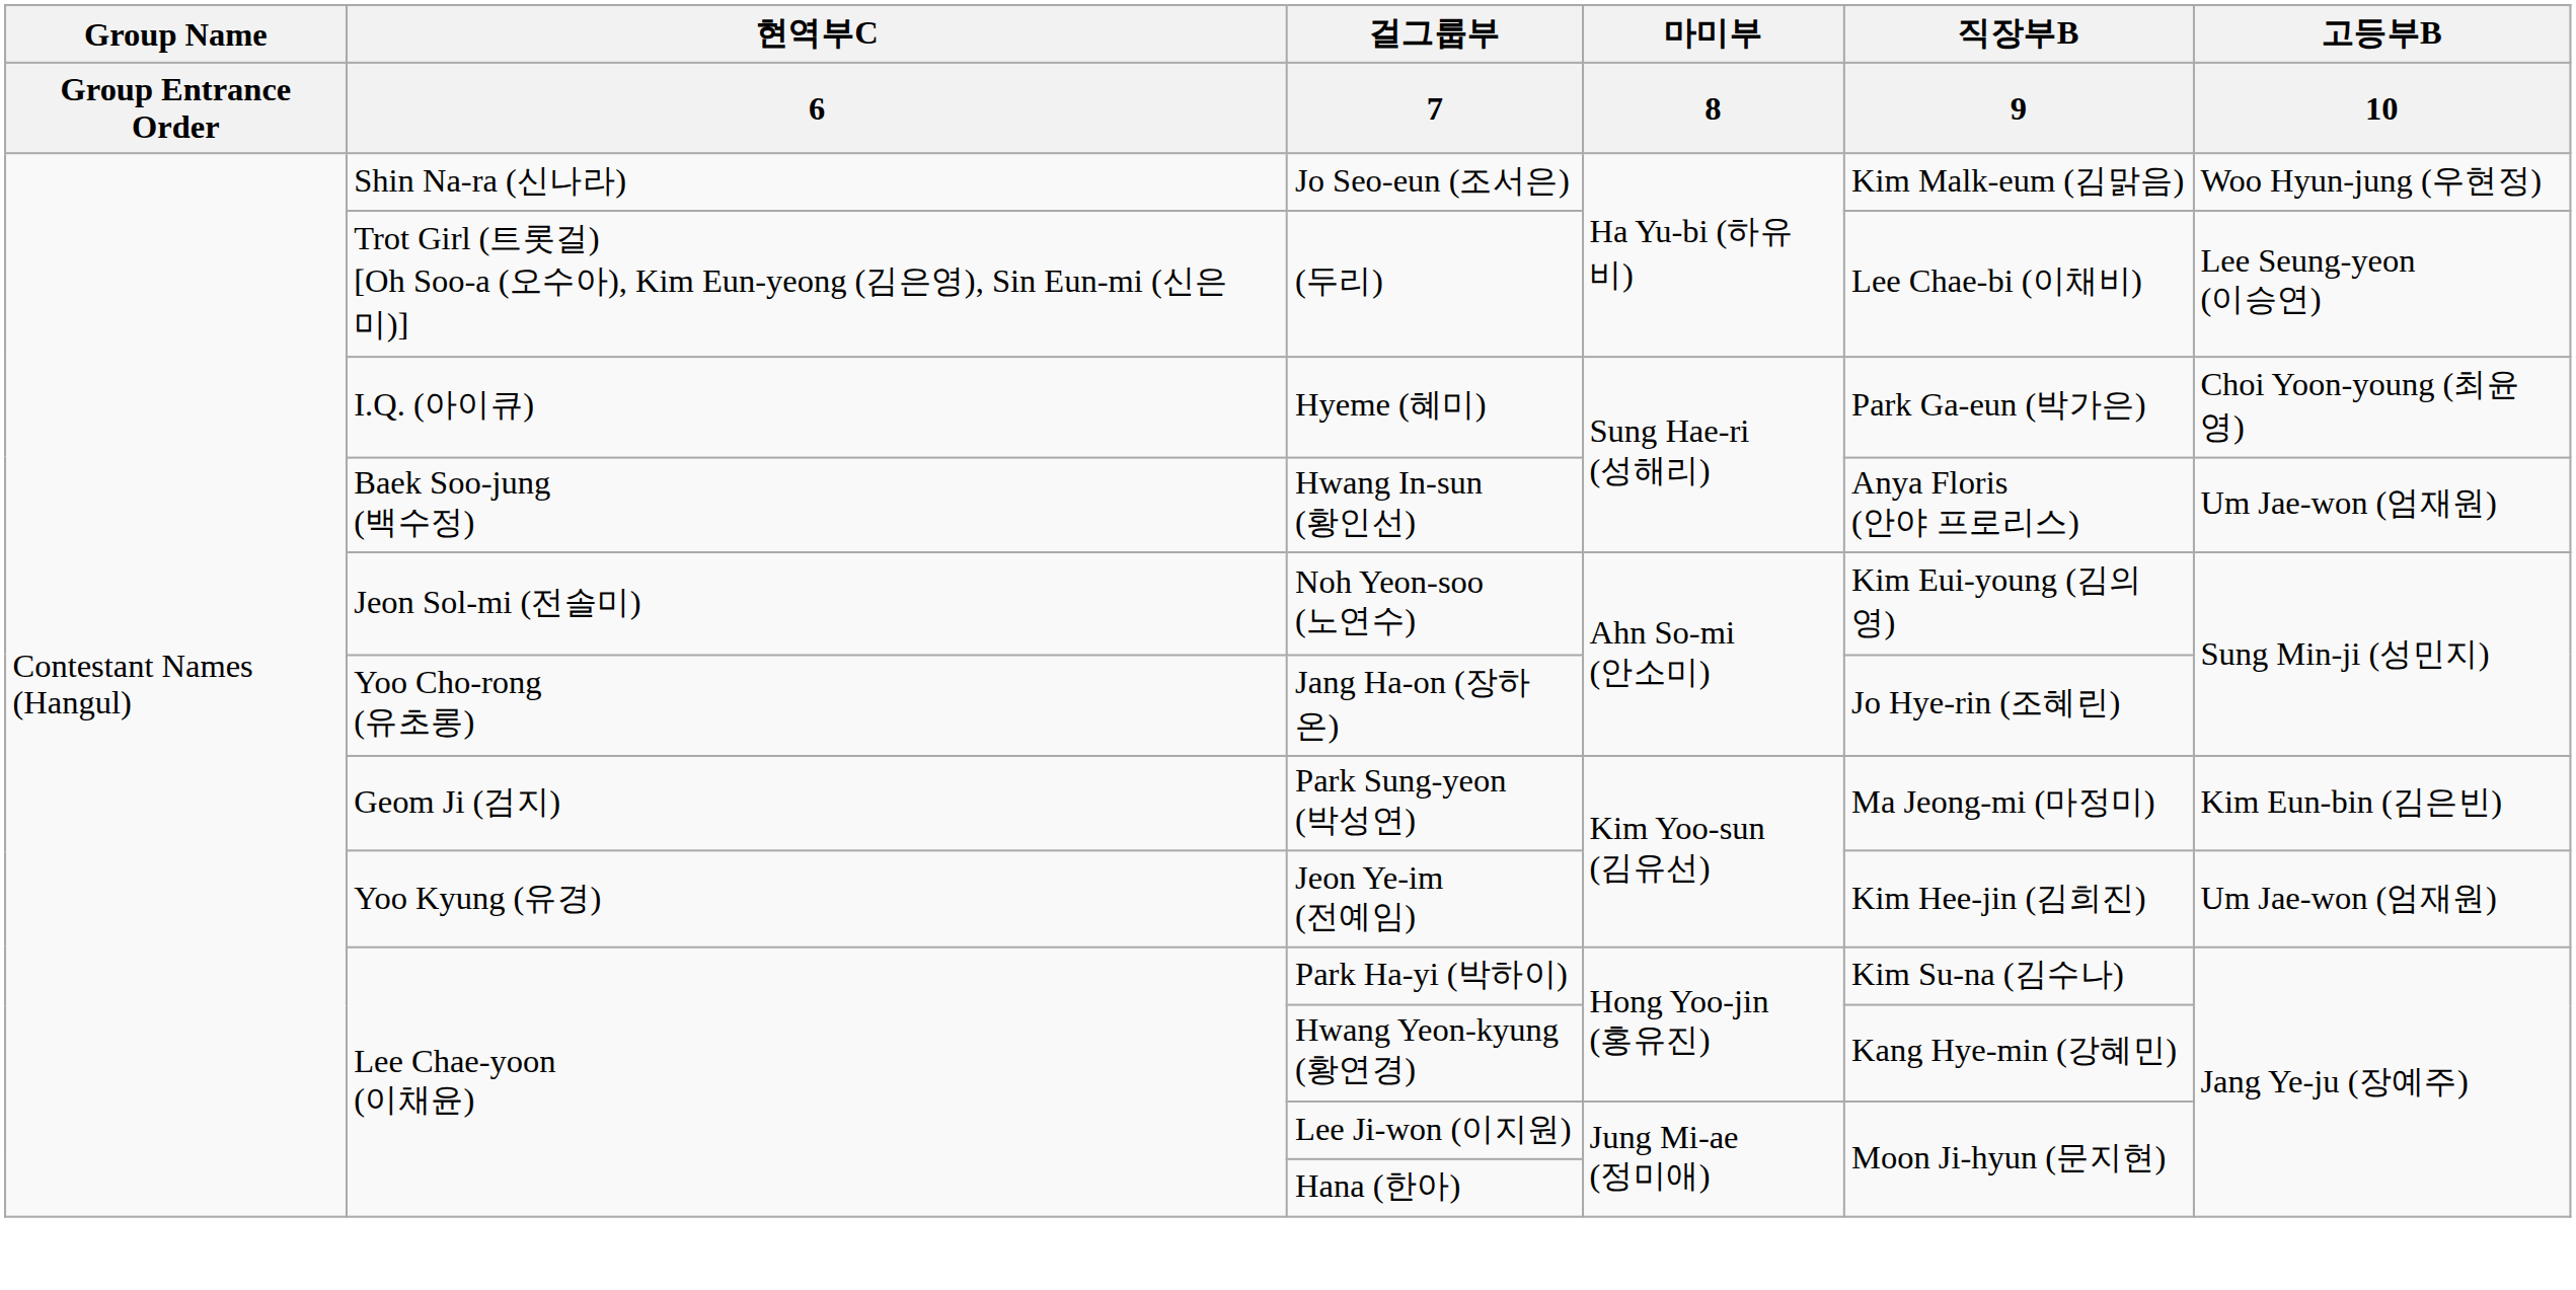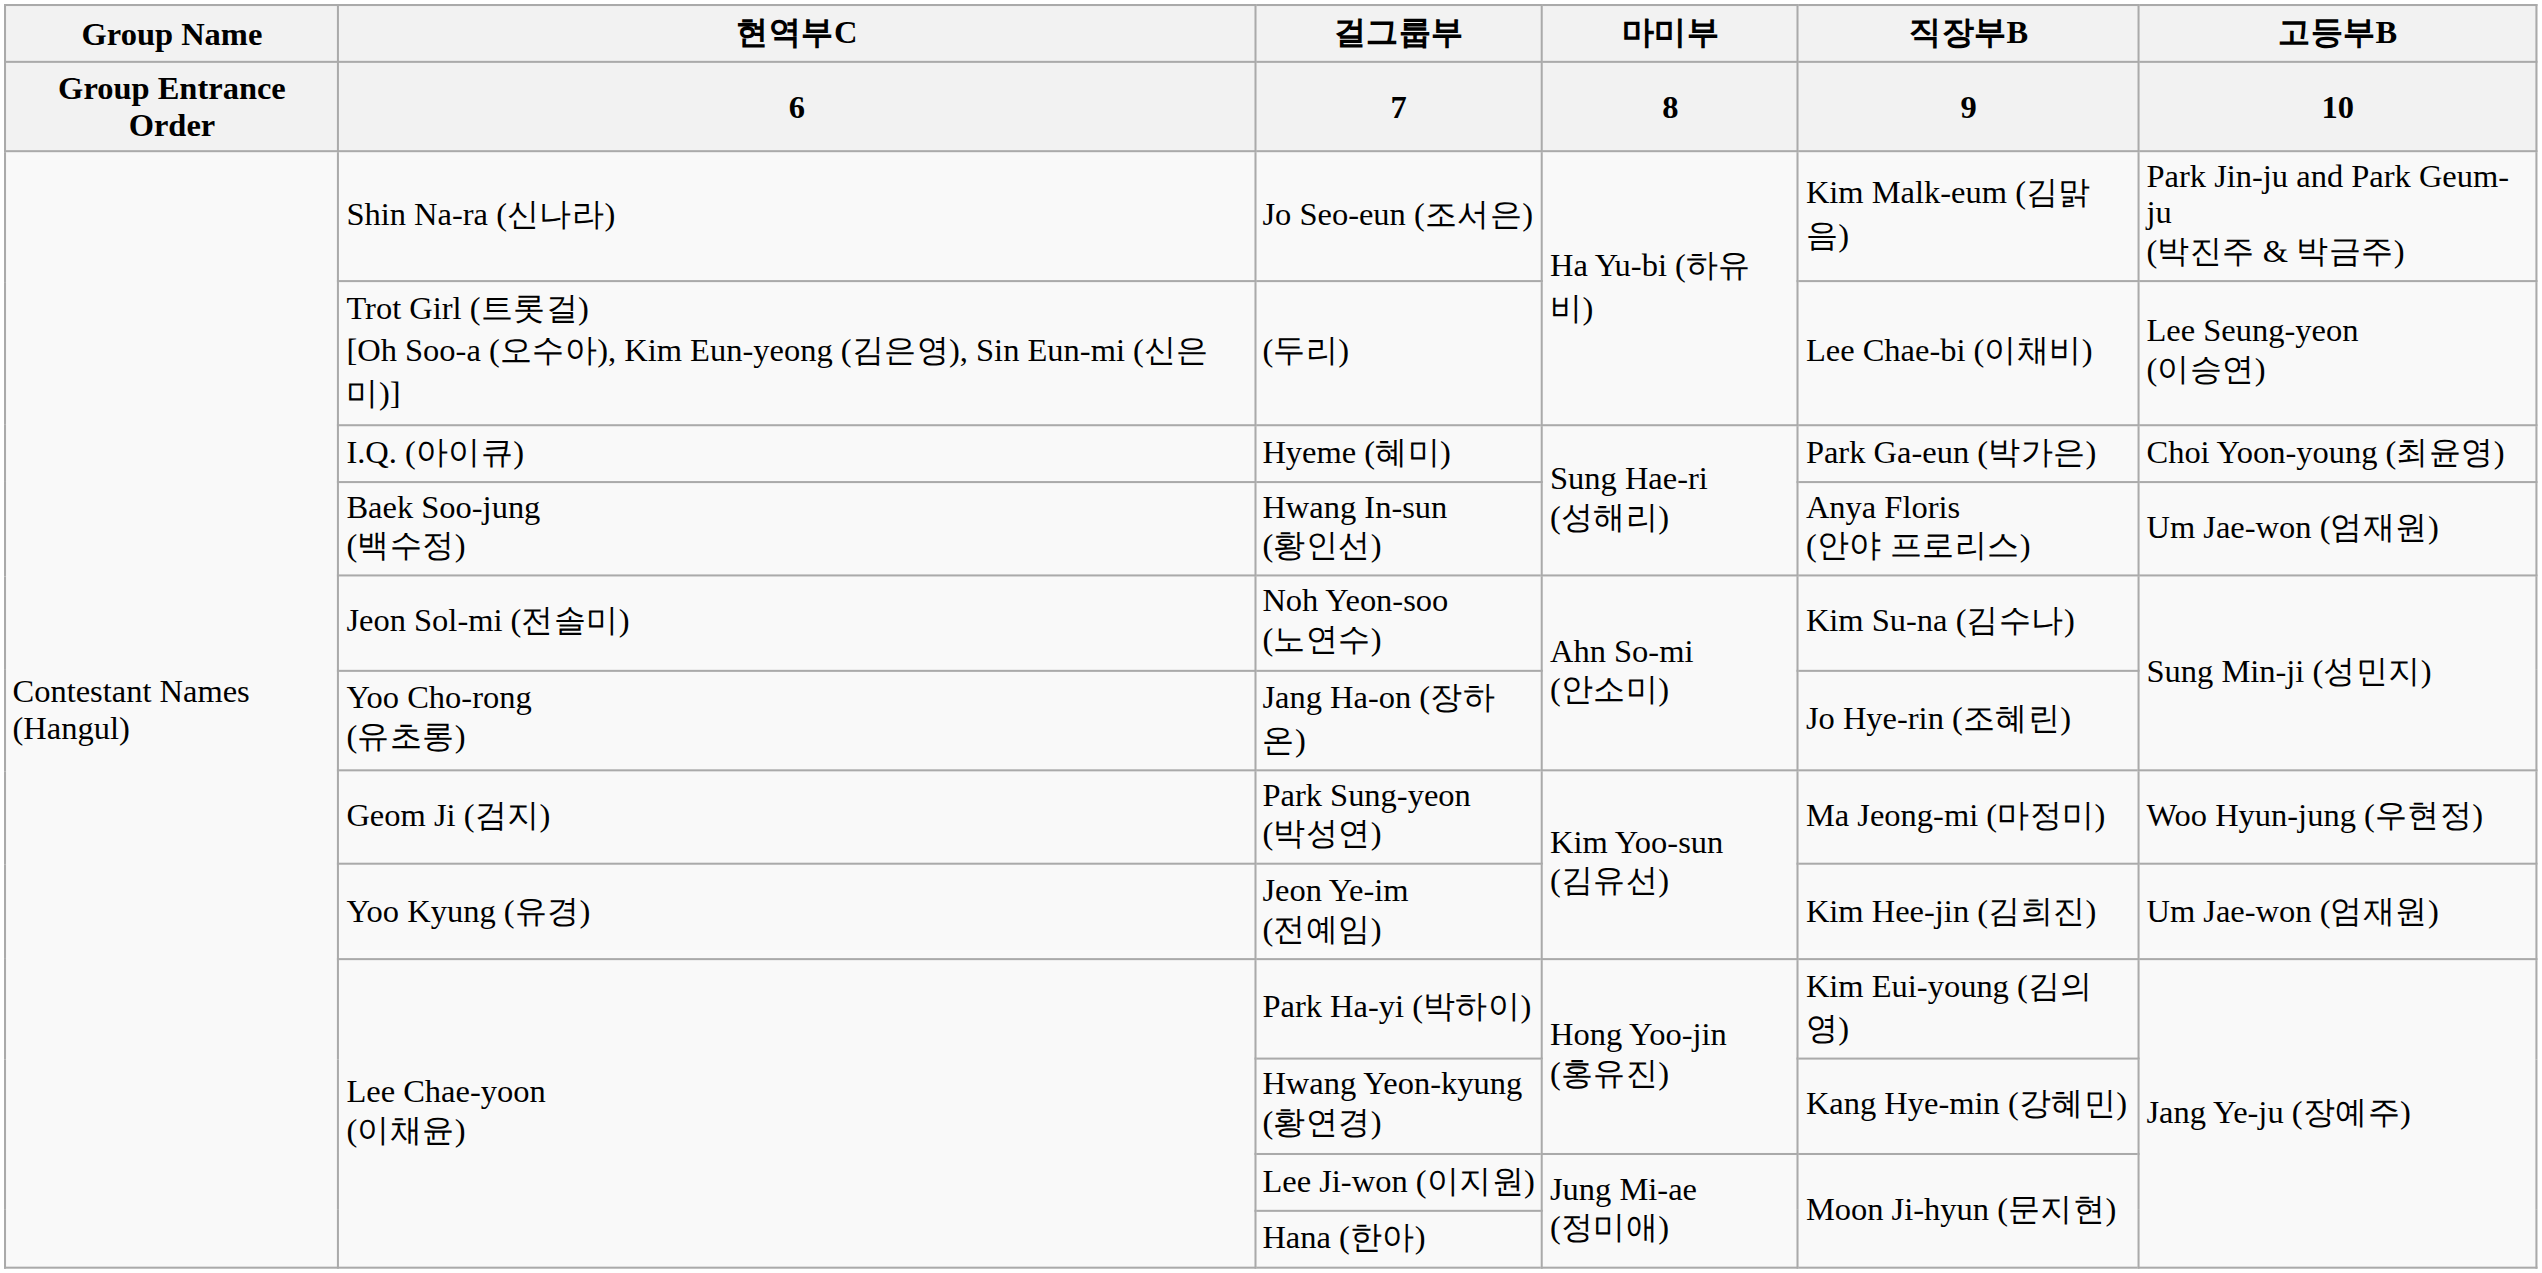 <table class="wikitable">
 <tr>
 <th>Group Name</th>
 <th>현역부C</th>
 <th>걸그룹부</th>
 <th>마미부</th>
 <th>직장부B</th>
 <th>고등부B</th>
 </tr>
 <tr>
 <th>Group Entrance Order</th>
 <th>6</th>
 <th>7</th>
 <th>8</th>
 <th>9</th>
 <th>10</th>
 </tr>
 <tr>
 <td rowspan=12>Contestant Names<br>(Hangul)</td>
 <td>Shin Na-ra (신나라)</td>
 <td>Jo Seo-eun (조서은)</td>
 <td rowspan=2>Ha Yu-bi (하유비)</td>
 <td>Kim Malk-eum (김맑음)</td>
-<td>Woo Hyun-jung (우현정)</td>
+<td>Park Jin-ju and Park Geum-ju<br>(박진주 & 박금주)</td>
 </tr>
 <tr>
 <td>Trot Girl (트롯걸)<br>[Oh Soo-a (오수아), Kim Eun-yeong (김은영), Sin Eun-mi (신은미)]</td>
 <td> (두리) </td>
 <td>Lee Chae-bi (이채비)</td>
 <td>Lee Seung-yeon<br>(이승연) </td>
 </tr>
 <tr>
 <td>I.Q. (아이큐)</td>
 <td>Hyeme (혜미) </td>
 <td rowspan=2>Sung Hae-ri<br>(성해리)</td>
 <td>Park Ga-eun (박가은)</td>
 <td>Choi Yoon-young (최윤영)</td>
 </tr>
 <tr>
 <td>Baek Soo-jung<br>(백수정)</td>
 <td>Hwang In-sun<br>(황인선) </td>
 <td>Anya Floris<br>(안야 프로리스)</td>
 <td>Um Jae-won (엄재원)</td>
 </tr>
 <tr>
 <td>Jeon Sol-mi (전솔미)</td>
 <td>Noh Yeon-soo<br>(노연수)</td>
 <td rowspan=2>Ahn So-mi<br>(안소미)</td>
-<td>Kim Eui-young (김의영)</td>
+<td>Kim Su-na (김수나)</td>
 <td rowspan=2>Sung Min-ji (성민지)</td>
 </tr>
 <tr>
 <td>Yoo Cho-rong<br>(유초롱)</td>
 <td>Jang Ha-on (장하온)</td>
 <td>Jo Hye-rin (조혜린)</td>
 </tr>
 <tr>
 <td>Geom Ji (검지)</td>
 <td>Park Sung-yeon<br>(박성연)</td>
 <td rowspan=2>Kim Yoo-sun<br>(김유선)</td>
 <td>Ma Jeong-mi (마정미)</td>
-<td>Kim Eun-bin (김은빈)</td>
+<td>Woo Hyun-jung (우현정)</td>
 </tr>
 <tr>
 <td>Yoo Kyung (유경)</td>
 <td>Jeon Ye-im<br>(전예임)</td>
 <td>Kim Hee-jin (김희진)</td>
 <td>Um Jae-won (엄재원)</td>
 </tr>
 <tr>
 <td rowspan=4>Lee Chae-yoon<br>(이채윤)</td>
 <td>Park Ha-yi (박하이) </td>
 <td rowspan=2>Hong Yoo-jin<br>(홍유진)</td>
-<td>Kim Su-na (김수나)</td>
+<td>Kim Eui-young (김의영)</td>
 <td rowspan=4>Jang Ye-ju (장예주)</td>
 </tr>
 <tr>
 <td>Hwang Yeon-kyung<br>(황연경)</td>
 <td>Kang Hye-min (강혜민)</td>
 </tr>
 <tr>
 <td>Lee Ji-won (이지원)</td>
 <td rowspan=2>Jung Mi-ae<br>(정미애) </td>
 <td rowspan=2>Moon Ji-hyun (문지현)</td>
 </tr>
 <tr>
 <td>Hana (한아)</td>
 </tr>
 </table>
